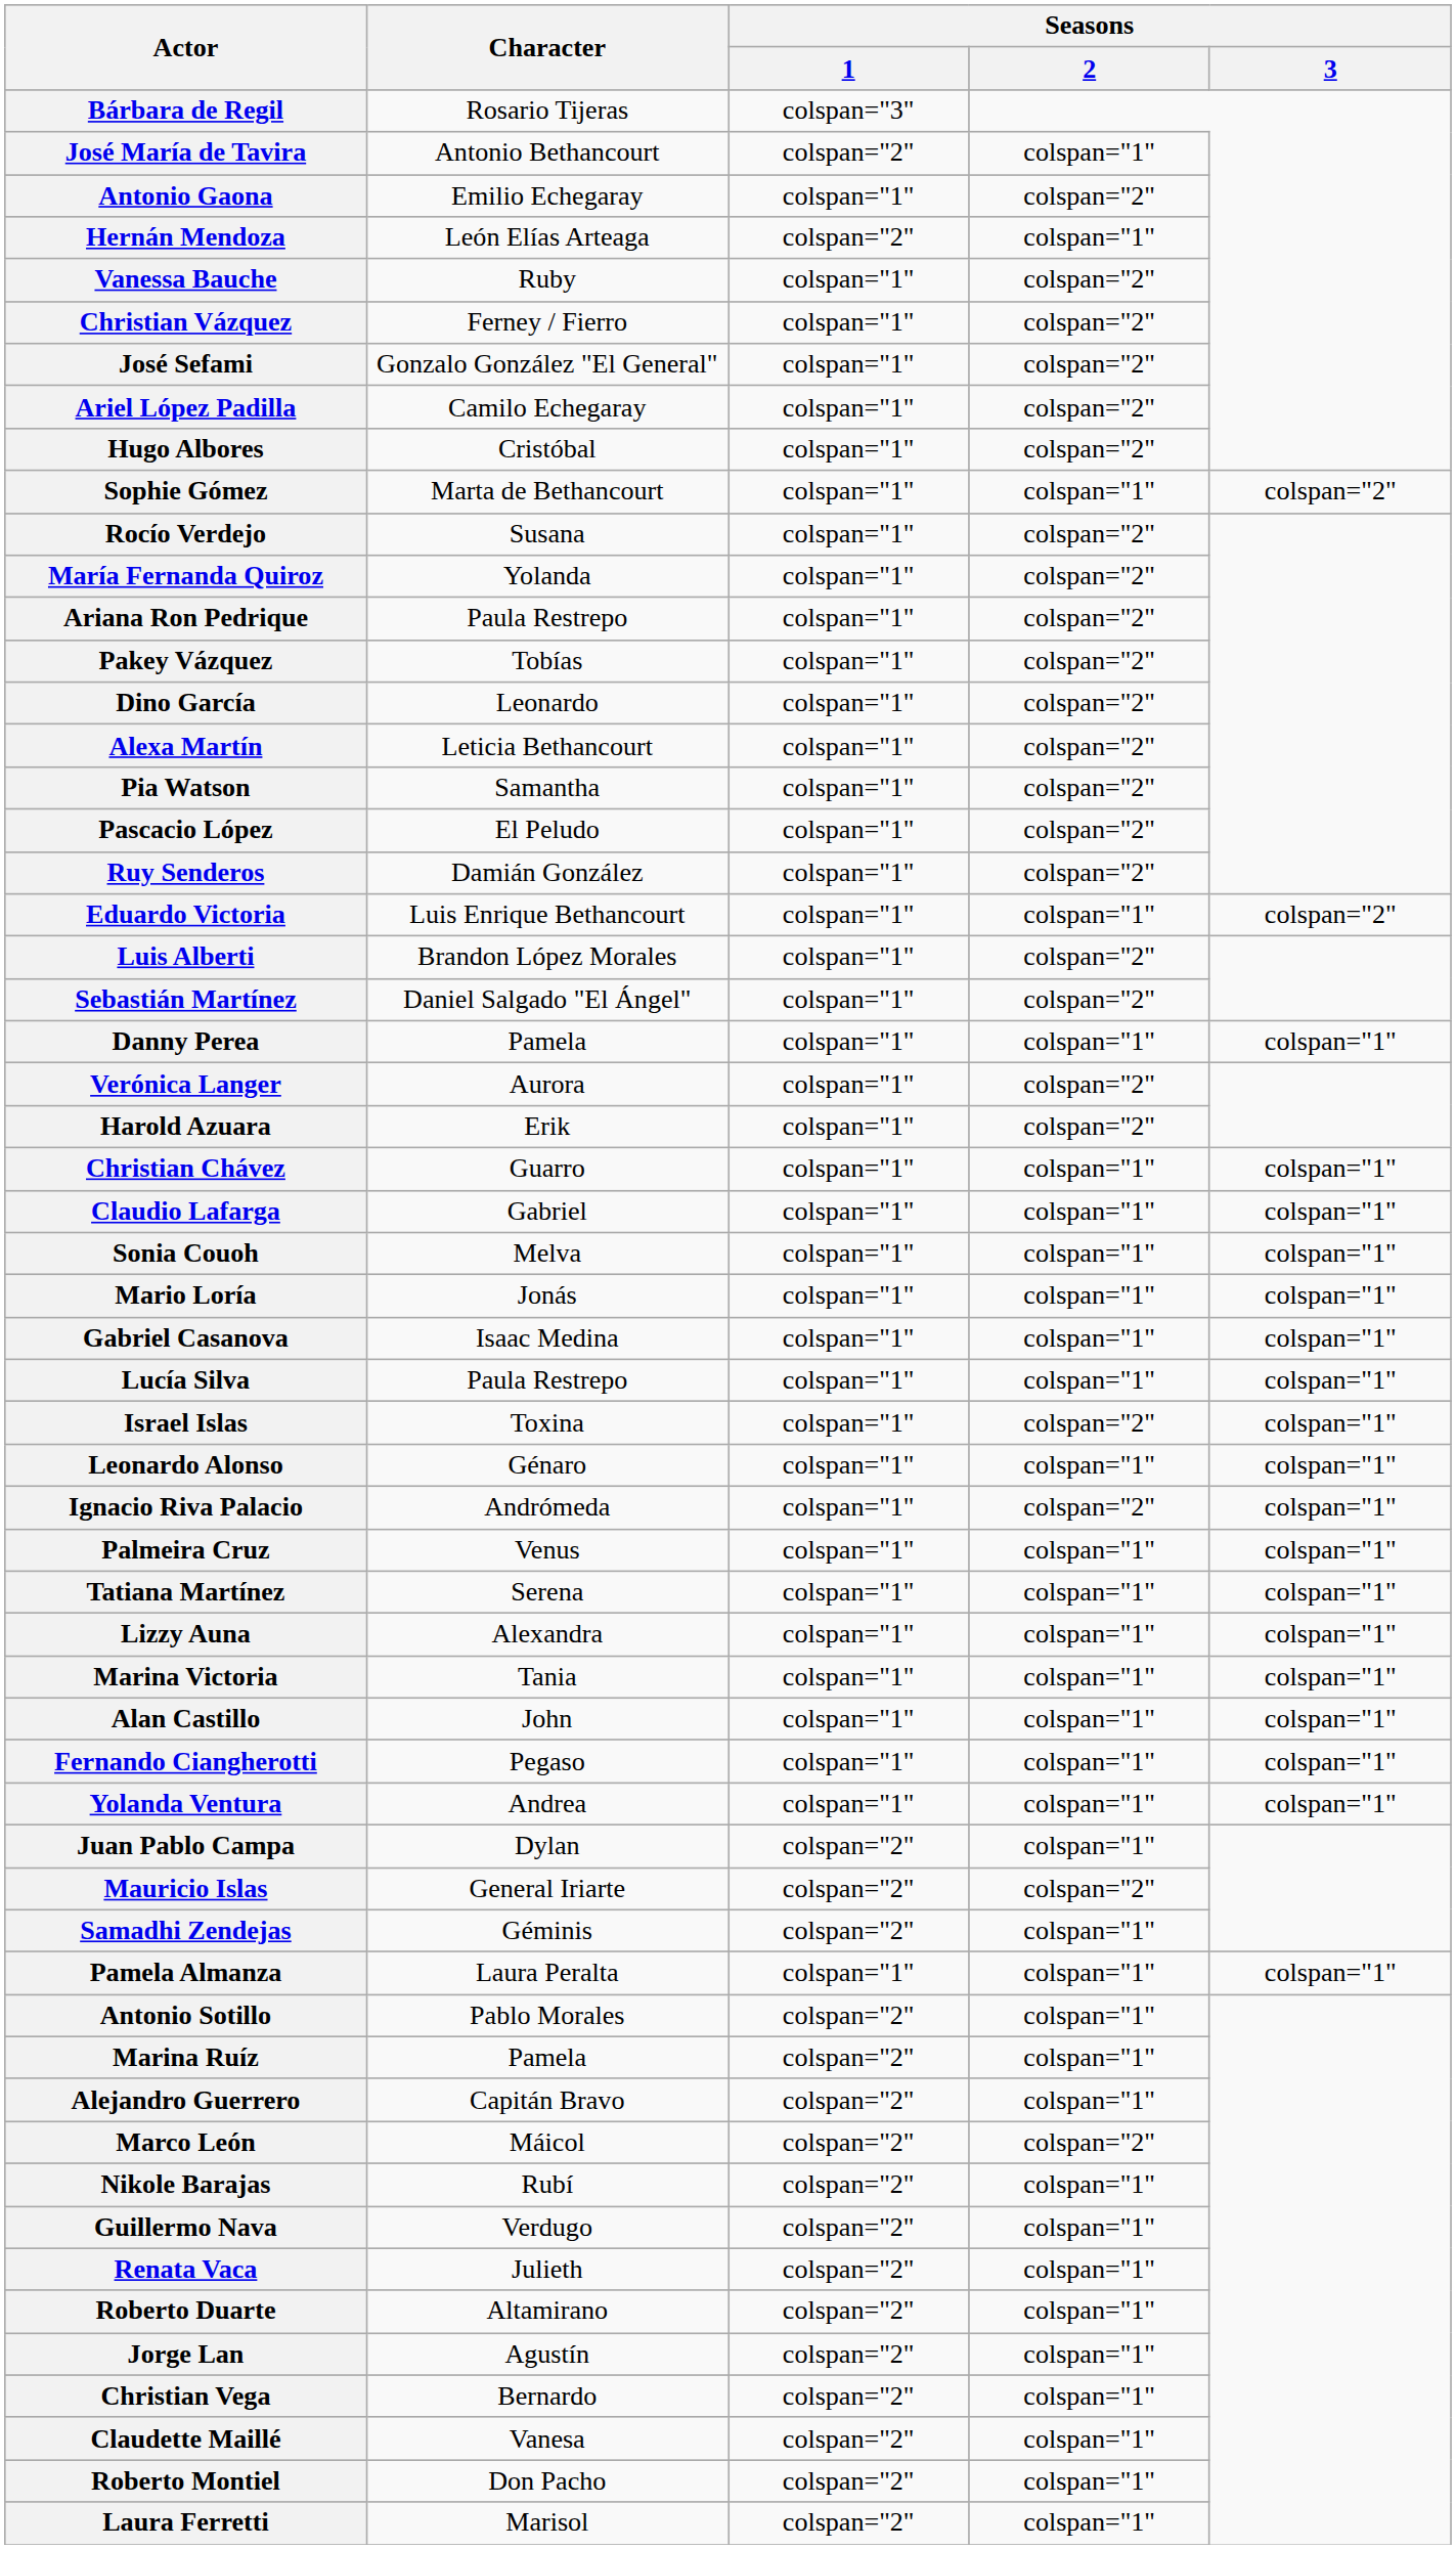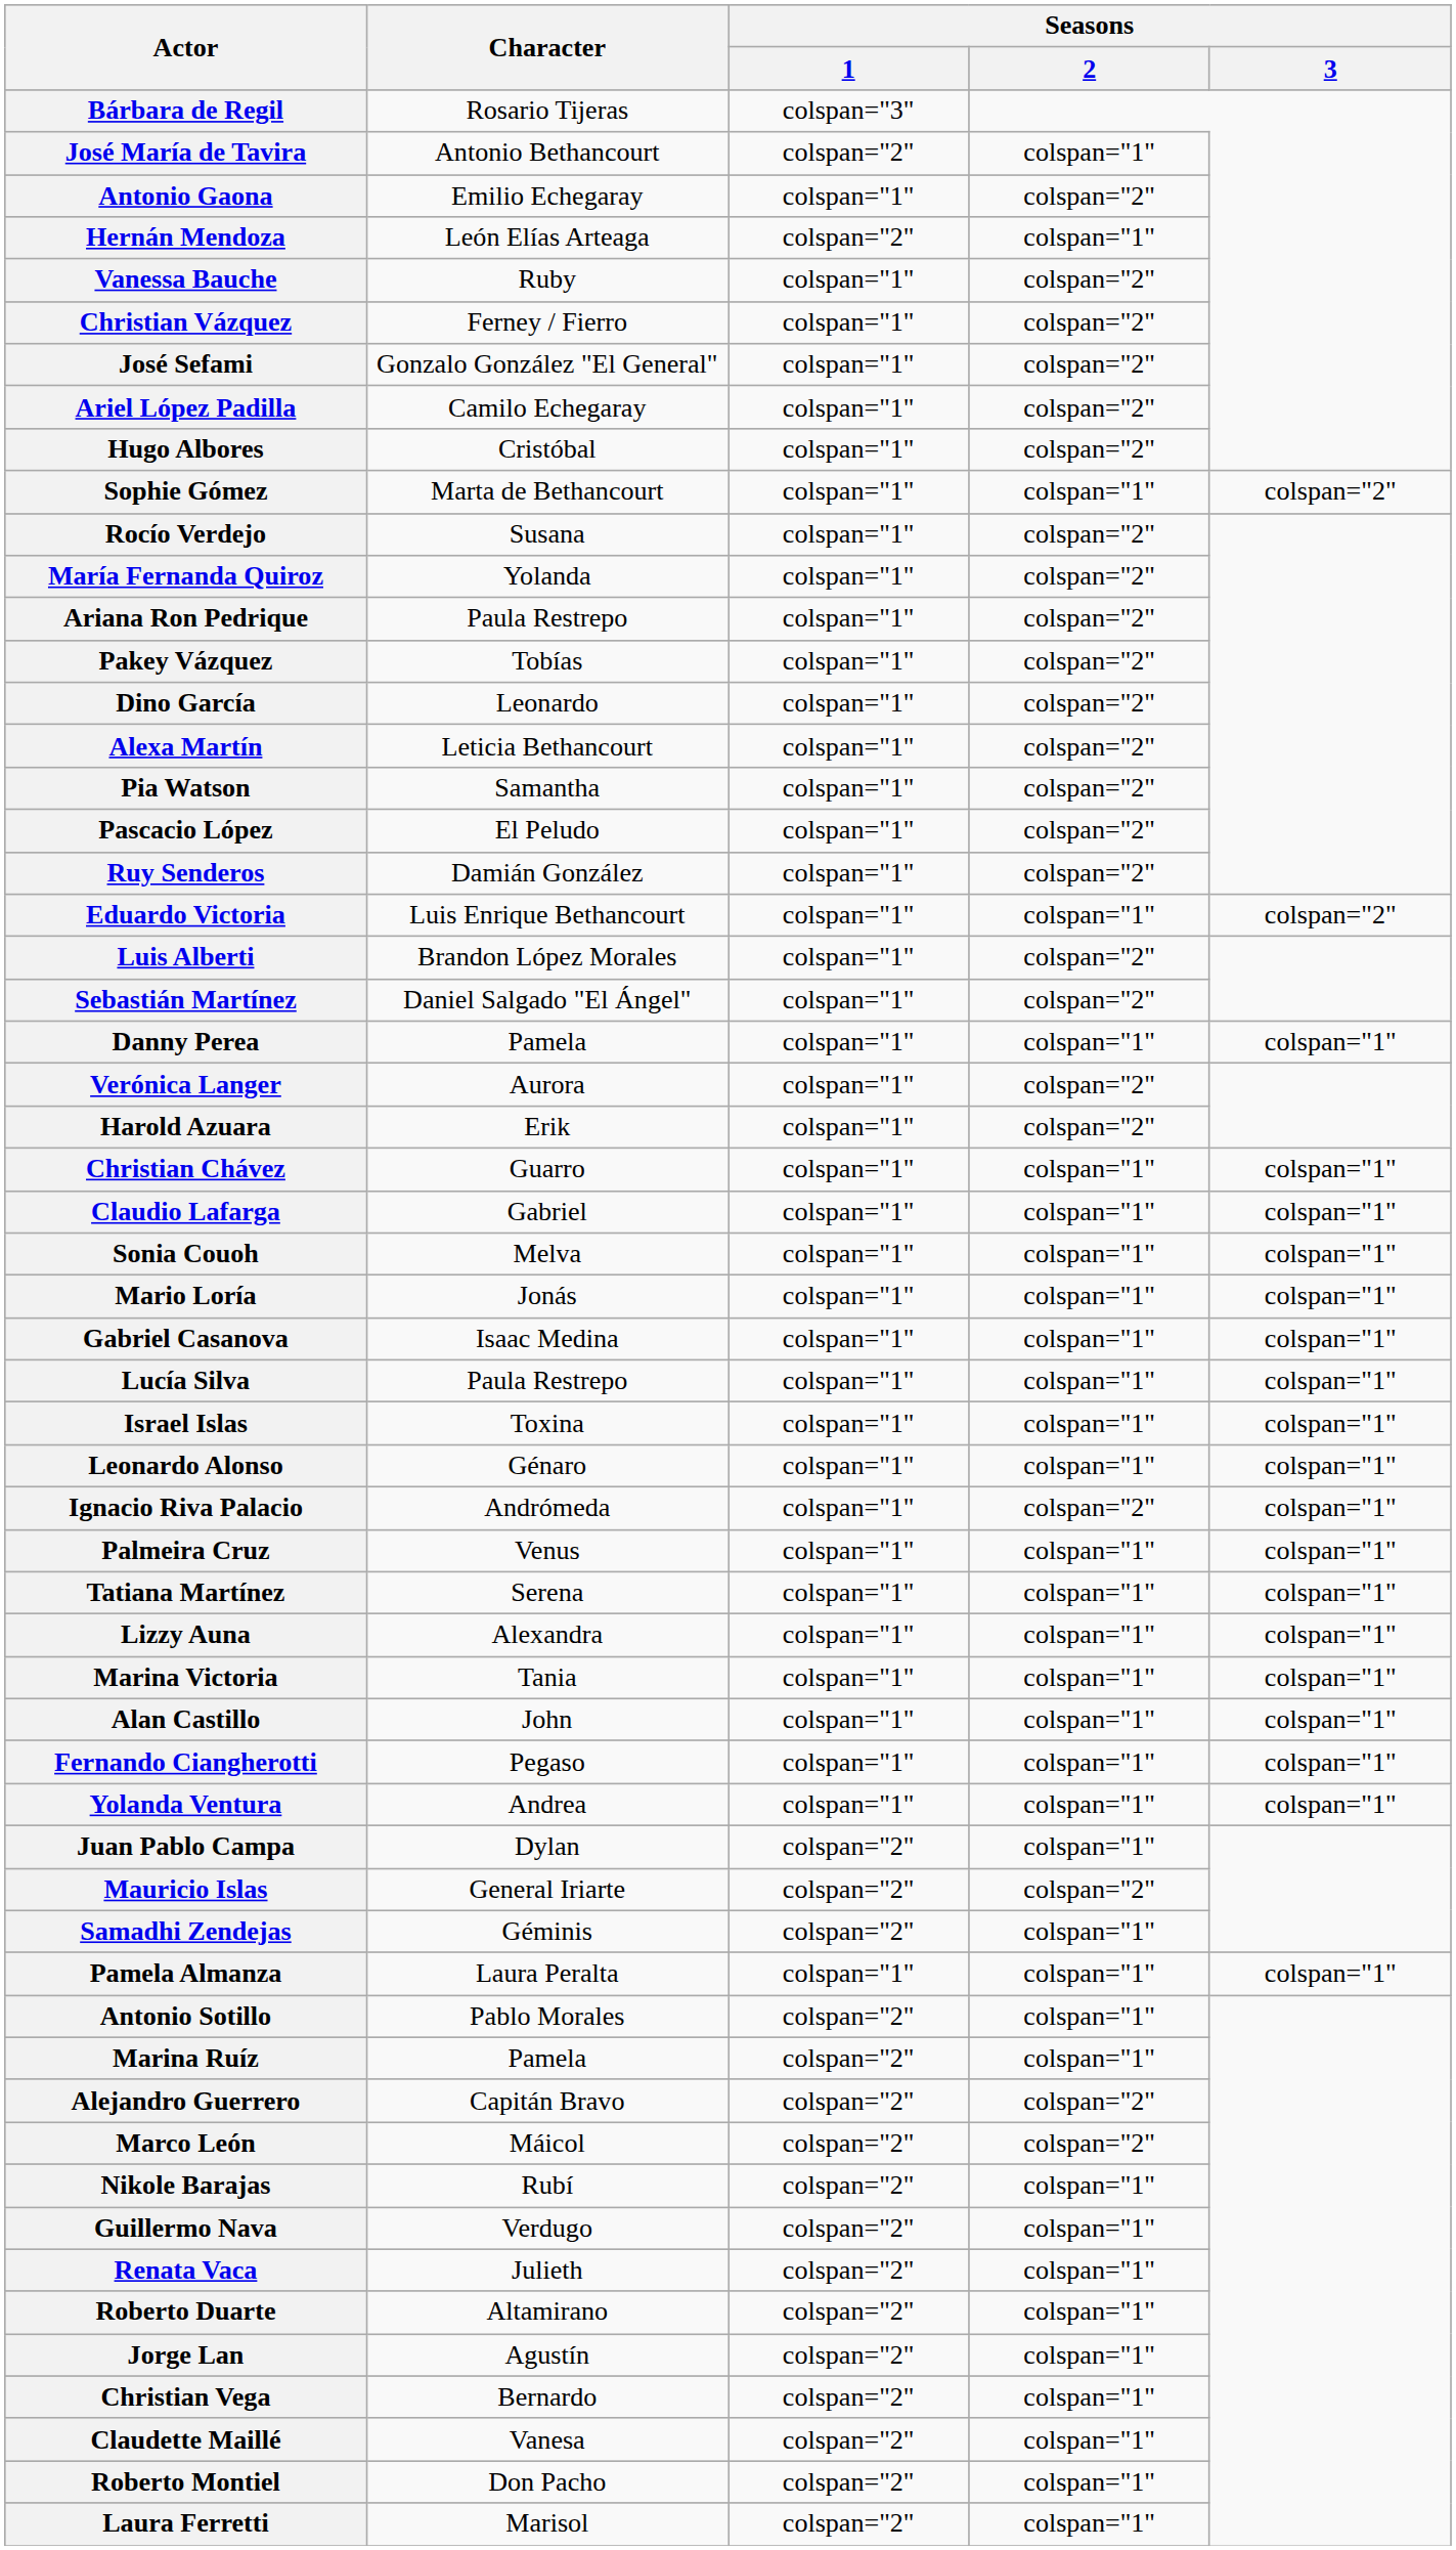 <table class="wikitable plainrowheaders" style="text-align:center">
 <tr>
 <th scope="col" rowspan="2" style="width:15%;">Actor</th>
 <th scope="col" rowspan="2" style="width:15%;">Character</th>
 <th scope="col" colspan="3">Seasons</th>
 </tr>
 <tr>
 <th scope="col" style="width: 10%"><a href='#'>1</a></th>
 <th scope="col" style="width: 10%"><a href='#'>2</a></th>
 <th scope="col" style="width: 10%"><a href='#'>3</a></th>
 </tr>
 <tr>
 <th scope="row" style="text-align: center"><a href='#'>Bárbara de Regil</a></th>
 <td>Rosario Tijeras</td>
 <td>colspan="3" </td>
 </tr>
 <tr>
 <th scope="row" style="text-align: center"><a href='#'>José María de Tavira</a></th>
 <td>Antonio Bethancourt</td>
 <td>colspan="2" </td>
 <td>colspan="1" </td>
 </tr>
 <tr>
 <th scope="row" style="text-align: center"><a href='#'>Antonio Gaona</a></th>
 <td>Emilio Echegaray</td>
 <td>colspan="1" </td>
 <td>colspan="2" </td>
 </tr>
 <tr>
 <th scope="row" style="text-align: center"><a href='#'>Hernán Mendoza</a></th>
 <td>León Elías Arteaga</td>
 <td>colspan="2" </td>
 <td>colspan="1" </td>
 </tr>
 <tr>
 <th scope="row" style="text-align: center"><a href='#'>Vanessa Bauche</a></th>
 <td>Ruby</td>
 <td>colspan="1" </td>
 <td>colspan="2" </td>
 </tr>
 <tr>
 <th scope="row" style="text-align: center"><a href='#'>Christian Vázquez</a></th>
 <td>Ferney / Fierro</td>
 <td>colspan="1" </td>
 <td>colspan="2" </td>
 </tr>
 <tr>
 <th scope="row" style="text-align: center">José Sefami</th>
 <td>Gonzalo González "El General"</td>
 <td>colspan="1" </td>
 <td>colspan="2" </td>
 </tr>
 <tr>
 <th scope="row" style="text-align: center"><a href='#'>Ariel López Padilla</a></th>
 <td>Camilo Echegaray</td>
 <td>colspan="1" </td>
 <td>colspan="2" </td>
 </tr>
 <tr>
 <th scope="row" style="text-align: center">Hugo Albores</th>
 <td>Cristóbal</td>
 <td>colspan="1" </td>
 <td>colspan="2" </td>
 </tr>
 <tr>
 <th scope="row" style="text-align: center">Sophie Gómez</th>
 <td>Marta de Bethancourt</td>
 <td>colspan="1" </td>
 <td>colspan="1" </td>
 <td>colspan="2" </td>
 </tr>
 <tr>
 <th scope="row" style="text-align: center">Rocío Verdejo</th>
 <td>Susana</td>
 <td>colspan="1" </td>
 <td>colspan="2" </td>
 </tr>
 <tr>
 <th scope="row" style="text-align: center"><a href='#'>María Fernanda Quiroz</a></th>
 <td>Yolanda</td>
 <td>colspan="1" </td>
 <td>colspan="2" </td>
 </tr>
 <tr>
 <th scope="row" style="text-align: center">Ariana Ron Pedrique</th>
 <td>Paula Restrepo</td>
 <td>colspan="1" </td>
 <td>colspan="2" </td>
 </tr>
 <tr>
 <th scope="row" style="text-align: center">Pakey Vázquez</th>
 <td>Tobías</td>
 <td>colspan="1" </td>
 <td>colspan="2" </td>
 </tr>
 <tr>
 <th scope="row" style="text-align: center">Dino García</th>
 <td>Leonardo</td>
 <td>colspan="1" </td>
 <td>colspan="2" </td>
 </tr>
 <tr>
 <th scope="row" style="text-align: center"><a href='#'>Alexa Martín</a></th>
 <td>Leticia Bethancourt</td>
 <td>colspan="1" </td>
 <td>colspan="2" </td>
 </tr>
 <tr>
 <th scope="row" style="text-align: center">Pia Watson</th>
 <td>Samantha</td>
 <td>colspan="1" </td>
 <td>colspan="2" </td>
 </tr>
 <tr>
 <th scope="row" style="text-align: center">Pascacio López</th>
 <td>El Peludo</td>
 <td>colspan="1" </td>
 <td>colspan="2" </td>
 </tr>
 <tr>
 <th scope="row" style="text-align: center"><a href='#'>Ruy Senderos</a></th>
 <td>Damián González</td>
 <td>colspan="1" </td>
 <td>colspan="2" </td>
 </tr>
 <tr>
 <th scope="row" style="text-align: center"><a href='#'>Eduardo Victoria</a></th>
 <td>Luis Enrique Bethancourt</td>
 <td>colspan="1" </td>
 <td>colspan="1" </td>
 <td>colspan="2" </td>
 </tr>
 <tr>
 <th scope="row" style="text-align: center"><a href='#'>Luis Alberti</a></th>
 <td>Brandon López Morales</td>
 <td>colspan="1" </td>
 <td>colspan="2" </td>
 </tr>
 <tr>
 <th scope="row" style="text-align: center"><a href='#'>Sebastián Martínez</a></th>
 <td>Daniel Salgado "El Ángel"</td>
 <td>colspan="1" </td>
 <td>colspan="2" </td>
 </tr>
 <tr>
 <th scope="row" style="text-align: center">Danny Perea</th>
 <td>Pamela</td>
 <td>colspan="1" </td>
 <td>colspan="1" </td>
 <td>colspan="1" </td>
 </tr>
 <tr>
 <th scope="row" style="text-align: center"><a href='#'>Verónica Langer</a></th>
 <td>Aurora</td>
 <td>colspan="1" </td>
 <td>colspan="2" </td>
 </tr>
 <tr>
 <th scope="row" style="text-align: center">Harold Azuara</th>
 <td>Erik</td>
 <td>colspan="1" </td>
 <td>colspan="2" </td>
 </tr>
 <tr>
 <th scope="row" style="text-align: center"><a href='#'>Christian Chávez</a></th>
 <td>Guarro</td>
 <td>colspan="1" </td>
 <td>colspan="1" </td>
 <td>colspan="1" </td>
 </tr>
 <tr>
 <th scope="row" style="text-align: center"><a href='#'>Claudio Lafarga</a></th>
 <td>Gabriel</td>
 <td>colspan="1" </td>
 <td>colspan="1" </td>
 <td>colspan="1" </td>
 </tr>
 <tr>
 <th scope="row" style="text-align: center">Sonia Couoh</th>
 <td>Melva</td>
 <td>colspan="1" </td>
 <td>colspan="1" </td>
 <td>colspan="1" </td>
 </tr>
 <tr>
 <th scope="row" style="text-align: center">Mario Loría</th>
 <td>Jonás</td>
 <td>colspan="1" </td>
 <td>colspan="1" </td>
 <td>colspan="1" </td>
 </tr>
 <tr>
 <th scope="row" style="text-align: center">Gabriel Casanova</th>
 <td>Isaac Medina</td>
 <td>colspan="1" </td>
 <td>colspan="1" </td>
 <td>colspan="1" </td>
 </tr>
 <tr>
 <th scope="row" style="text-align: center">Lucía Silva</th>
 <td>Paula Restrepo</td>
 <td>colspan="1" </td>
 <td>colspan="1" </td>
 <td>colspan="1" </td>
 </tr>
 <tr>
 <th scope="row" style="text-align: center">Israel Islas</th>
 <td>Toxina</td>
 <td>colspan="1" </td>
-<td>colspan="2" </td>
+<td>colspan="1" </td>
 <td>colspan="1" </td>
 </tr>
 <tr>
 <th scope="row" style="text-align: center">Leonardo Alonso</th>
 <td>Génaro</td>
 <td>colspan="1" </td>
 <td>colspan="1" </td>
 <td>colspan="1" </td>
 </tr>
 <tr>
 <th scope="row" style="text-align: center">Ignacio Riva Palacio</th>
 <td>Andrómeda</td>
 <td>colspan="1" </td>
 <td>colspan="2" </td>
 <td>colspan="1" </td>
 </tr>
 <tr>
 <th scope="row" style="text-align: center">Palmeira Cruz</th>
 <td>Venus</td>
 <td>colspan="1" </td>
 <td>colspan="1" </td>
 <td>colspan="1" </td>
 </tr>
 <tr>
 <th scope="row" style="text-align: center">Tatiana Martínez</th>
 <td>Serena</td>
 <td>colspan="1" </td>
 <td>colspan="1" </td>
 <td>colspan="1" </td>
 </tr>
 <tr>
 <th scope="row" style="text-align: center">Lizzy Auna</th>
 <td>Alexandra</td>
 <td>colspan="1" </td>
 <td>colspan="1" </td>
 <td>colspan="1" </td>
 </tr>
 <tr>
 <th scope="row" style="text-align: center">Marina Victoria</th>
 <td>Tania</td>
 <td>colspan="1" </td>
 <td>colspan="1" </td>
 <td>colspan="1" </td>
 </tr>
 <tr>
 <th scope="row" style="text-align: center">Alan Castillo</th>
 <td>John</td>
 <td>colspan="1" </td>
 <td>colspan="1" </td>
 <td>colspan="1" </td>
 </tr>
 <tr>
 <th scope="row" style="text-align: center"><a href='#'>Fernando Ciangherotti</a></th>
 <td>Pegaso</td>
 <td>colspan="1" </td>
 <td>colspan="1" </td>
 <td>colspan="1" </td>
 </tr>
 <tr>
 <th scope="row" style="text-align: center"><a href='#'>Yolanda Ventura</a></th>
 <td>Andrea</td>
 <td>colspan="1" </td>
 <td>colspan="1" </td>
 <td>colspan="1" </td>
 </tr>
 <tr>
 <th scope="row" style="text-align: center">Juan Pablo Campa</th>
 <td>Dylan</td>
 <td>colspan="2" </td>
 <td>colspan="1" </td>
 </tr>
 <tr>
 <th scope="row" style="text-align: center"><a href='#'>Mauricio Islas</a></th>
 <td>General Iriarte</td>
 <td>colspan="2" </td>
 <td>colspan="2" </td>
 </tr>
 <tr>
 <th scope="row" style="text-align: center"><a href='#'>Samadhi Zendejas</a></th>
 <td>Géminis</td>
 <td>colspan="2" </td>
 <td>colspan="1" </td>
 </tr>
 <tr>
 <th scope="row" style="text-align: center">Pamela Almanza</th>
 <td>Laura Peralta</td>
 <td>colspan="1" </td>
 <td>colspan="1" </td>
 <td>colspan="1" </td>
 </tr>
 <tr>
 <th scope="row" style="text-align: center">Antonio Sotillo</th>
 <td>Pablo Morales</td>
 <td>colspan="2" </td>
 <td>colspan="1" </td>
 </tr>
 <tr>
 <th scope="row" style="text-align: center">Marina Ruíz</th>
 <td>Pamela</td>
 <td>colspan="2" </td>
 <td>colspan="1" </td>
 </tr>
 <tr>
 <th scope="row" style="text-align: center">Alejandro Guerrero</th>
 <td>Capitán Bravo</td>
 <td>colspan="2" </td>
-<td>colspan="1" </td>
+<td>colspan="2" </td>
 </tr>
 <tr>
 <th scope="row" style="text-align: center">Marco León</th>
 <td>Máicol</td>
 <td>colspan="2" </td>
 <td>colspan="2" </td>
 </tr>
 <tr>
 <th scope="row" style="text-align: center">Nikole Barajas</th>
 <td>Rubí</td>
 <td>colspan="2" </td>
 <td>colspan="1" </td>
 </tr>
 <tr>
 <th scope="row" style="text-align: center">Guillermo Nava</th>
 <td>Verdugo</td>
 <td>colspan="2" </td>
 <td>colspan="1" </td>
 </tr>
 <tr>
 <th scope="row" style="text-align: center"><a href='#'>Renata Vaca</a></th>
 <td>Julieth</td>
 <td>colspan="2" </td>
 <td>colspan="1" </td>
 </tr>
 <tr>
 <th scope="row" style="text-align: center">Roberto Duarte</th>
 <td>Altamirano</td>
 <td>colspan="2" </td>
 <td>colspan="1" </td>
 </tr>
 <tr>
 <th scope="row" style="text-align: center">Jorge Lan</th>
 <td>Agustín</td>
 <td>colspan="2" </td>
 <td>colspan="1" </td>
 </tr>
 <tr>
 <th scope="row" style="text-align: center">Christian Vega</th>
 <td>Bernardo</td>
 <td>colspan="2" </td>
 <td>colspan="1" </td>
 </tr>
 <tr>
 <th scope="row" style="text-align: center">Claudette Maillé</th>
 <td>Vanesa</td>
 <td>colspan="2" </td>
 <td>colspan="1" </td>
 </tr>
 <tr>
 <th scope="row" style="text-align: center">Roberto Montiel</th>
 <td>Don Pacho</td>
 <td>colspan="2" </td>
 <td>colspan="1" </td>
 </tr>
 <tr>
 <th scope="row" style="text-align: center">Laura Ferretti</th>
 <td>Marisol</td>
 <td>colspan="2" </td>
 <td>colspan="1" </td>
 </tr>
 <tr>
 </tr>
 </table>
